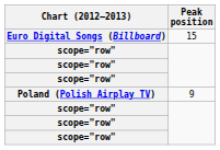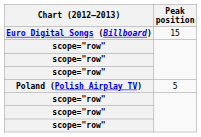 <table class="wikitable sortable plainrowheaders" style="text-align:center">
 <tr>
 <th scope="col">Chart (2012–2013)</th>
 <th scope="col">Peak<br>position</th>
 </tr>
 <tr>
 <th scope="row"><a href='#'>Euro Digital Songs</a> (<em><a href='#'>Billboard</a></em>)</th>
 <td>15</td>
 </tr>
 <tr>
 <th>scope="row" </th>
 </tr>
 <tr>
 <th>scope="row" </th>
 </tr>
 <tr>
 <th>scope="row" </th>
 </tr>
 <tr>
 <th scope="row">Poland (<a href='#'>Polish Airplay TV</a>)</th>
-<td>9</td>
+<td>5</td>
 </tr>
 <tr>
 <th>scope="row" </th>
 </tr>
 <tr>
 <th>scope="row" </th>
 </tr>
 <tr>
 <th>scope="row" </th>
 </tr>
 </table>
